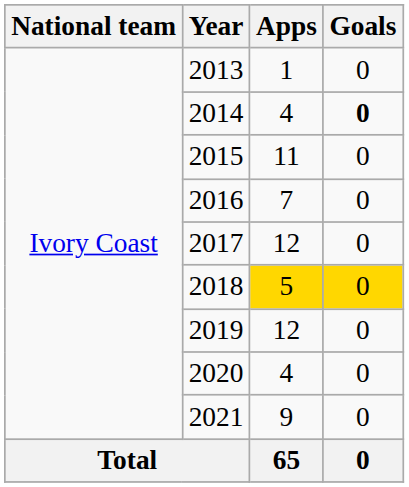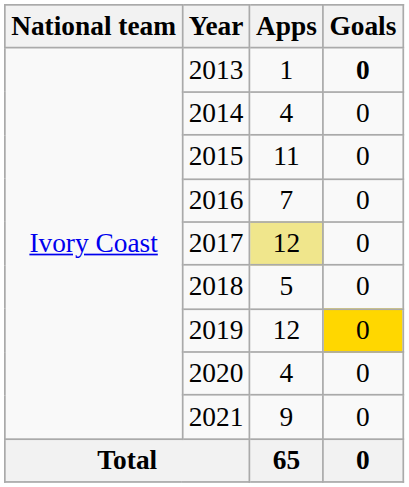 <table class="wikitable" style="text-align:center">
 <tr>
 <th>National team</th>
 <th>Year</th>
 <th>Apps</th>
 <th>Goals</th>
 </tr>
 <tr>
 <td rowspan="9"><a href='#'>Ivory Coast</a></td>
 <td>2013</td>
 <td>1</td>
-<td>0</td>
+<td><strong>0</strong></td>
 </tr>
 <tr>
 <td>2014</td>
 <td>4</td>
-<td><strong>0</strong></td>
+<td>0</td>
 </tr>
 <tr>
 <td>2015</td>
 <td>11</td>
 <td>0</td>
 </tr>
 <tr>
 <td>2016</td>
 <td>7</td>
 <td>0</td>
 </tr>
 <tr>
 <td>2017</td>
-<td>12</td>
+<td style="background: khaki;">12</td>
 <td>0</td>
 </tr>
 <tr>
 <td>2018</td>
-<td style="background: gold;">5</td>
-<td style="background: gold;">0</td>
+<td>5</td>
+<td>0</td>
 </tr>
 <tr>
 <td>2019</td>
 <td>12</td>
-<td>0</td>
+<td style="background: gold;">0</td>
 </tr>
 <tr>
 <td>2020</td>
 <td>4</td>
 <td>0</td>
 </tr>
 <tr>
 <td>2021</td>
 <td>9</td>
 <td>0</td>
 </tr>
 <tr>
 <th colspan="2">Total</th>
 <th>65</th>
 <th>0</th>
 </tr>
 </table>
